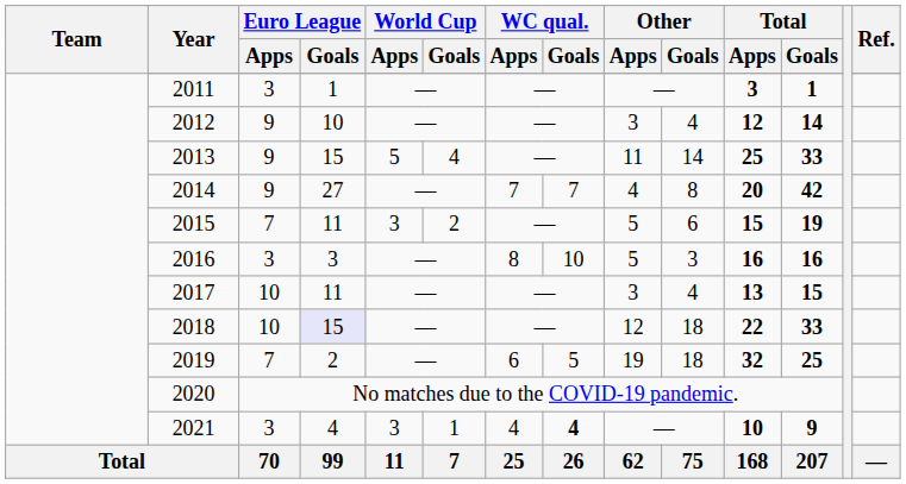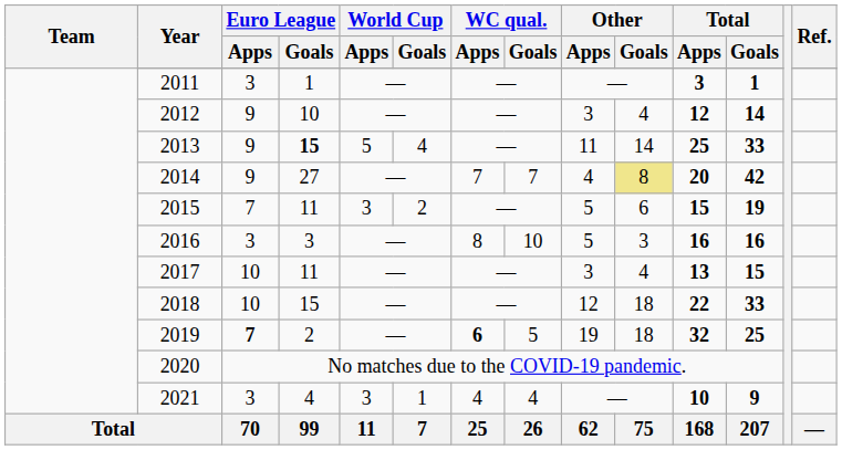 <table class="wikitable" style="text-align:center;">
 <tr>
 <th rowspan=2 width=100>Team</th>
 <th rowspan=2 width=60>Year</th>
 <th colspan=2><a href='#'>Euro League</a></th>
 <th colspan=2><a href='#'>World Cup</a></th>
 <th colspan=2><a href='#'>WC qual.</a></th>
 <th colspan=2>Other</th>
 <th colspan=2>Total</th>
 <th rowspan=15></th>
 <th rowspan=2>Ref.</th>
 </tr>
 <tr>
 <th>Apps</th>
 <th>Goals</th>
 <th>Apps</th>
 <th>Goals</th>
 <th>Apps</th>
 <th>Goals</th>
 <th>Apps</th>
 <th>Goals</th>
 <th>Apps</th>
 <th>Goals</th>
 </tr>
 <tr>
 <td rowspan="12"><strong></strong></td>
 </tr>
 <tr>
 <td>2011</td>
 <td>3</td>
 <td>1</td>
 <td colspan=2>—</td>
 <td colspan=2>—</td>
 <td colspan=2>—</td>
 <td><strong>3</strong></td>
 <td><strong>1</strong></td>
 <td></td>
 </tr>
 <tr>
 <td>2012</td>
 <td>9</td>
 <td>10</td>
 <td colspan=2>—</td>
 <td colspan=2>—</td>
 <td>3</td>
 <td>4</td>
 <td><strong>12</strong></td>
 <td><strong>14</strong></td>
 <td></td>
 </tr>
 <tr>
 <td>2013</td>
 <td>9</td>
-<td>15</td>
+<td><strong>15</strong></td>
 <td>5</td>
 <td>4</td>
 <td colspan=2>—</td>
 <td>11</td>
 <td>14</td>
 <td><strong>25</strong></td>
 <td><strong>33</strong></td>
 <td></td>
 </tr>
 <tr>
 <td>2014</td>
 <td>9</td>
 <td>27</td>
 <td colspan=2>—</td>
 <td>7</td>
 <td>7</td>
 <td>4</td>
-<td>8</td>
+<td style="background: khaki;">8</td>
 <td><strong>20</strong></td>
 <td><strong>42</strong></td>
 <td></td>
 </tr>
 <tr>
 <td>2015</td>
 <td>7</td>
 <td>11</td>
 <td>3</td>
 <td>2</td>
 <td colspan=2>—</td>
 <td>5</td>
 <td>6</td>
 <td><strong>15</strong></td>
 <td><strong>19</strong></td>
 <td></td>
 </tr>
 <tr>
 <td>2016</td>
 <td>3</td>
 <td>3</td>
 <td colspan=2>—</td>
 <td>8</td>
 <td>10</td>
 <td>5</td>
 <td>3</td>
 <td><strong>16</strong></td>
 <td><strong>16</strong></td>
 <td></td>
 </tr>
 <tr>
 <td>2017</td>
 <td>10</td>
 <td>11</td>
 <td colspan=2>—</td>
 <td colspan=2>—</td>
 <td>3</td>
 <td>4</td>
 <td><strong>13</strong></td>
 <td><strong>15</strong></td>
 <td></td>
 </tr>
 <tr>
 <td>2018</td>
 <td>10</td>
-<td style="background: lavender;">15</td>
+<td>15</td>
 <td colspan=2>—</td>
 <td colspan=2>—</td>
 <td>12</td>
 <td>18</td>
 <td><strong>22</strong></td>
 <td><strong>33</strong></td>
 <td></td>
 </tr>
 <tr>
 <td>2019</td>
-<td>7</td>
+<td><strong>7</strong></td>
 <td>2</td>
 <td colspan=2>—</td>
-<td>6</td>
+<td><strong>6</strong></td>
 <td>5</td>
 <td>19</td>
 <td>18</td>
 <td><strong>32</strong></td>
 <td><strong>25</strong></td>
 <td></td>
 </tr>
 <tr>
 <td>2020</td>
 <td colspan=11>No matches due to the <a href='#'>COVID-19 pandemic</a>.</td>
 </tr>
 <tr>
 <td>2021</td>
 <td>3</td>
 <td>4</td>
 <td>3</td>
 <td>1</td>
 <td>4</td>
-<td><strong>4</strong></td>
+<td>4</td>
 <td colspan=2>—</td>
 <td><strong>10</strong></td>
 <td><strong>9</strong></td>
 <td></td>
 </tr>
 <tr>
 <th colspan=2>Total</th>
 <th>70</th>
 <th>99</th>
 <th>11</th>
 <th>7</th>
 <th>25</th>
 <th>26</th>
 <th>62</th>
 <th>75</th>
 <th>168</th>
 <th>207</th>
 <th>—</th>
 </tr>
 </table>
